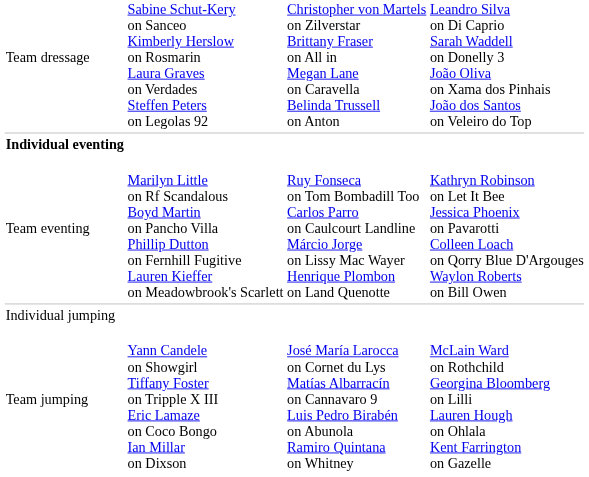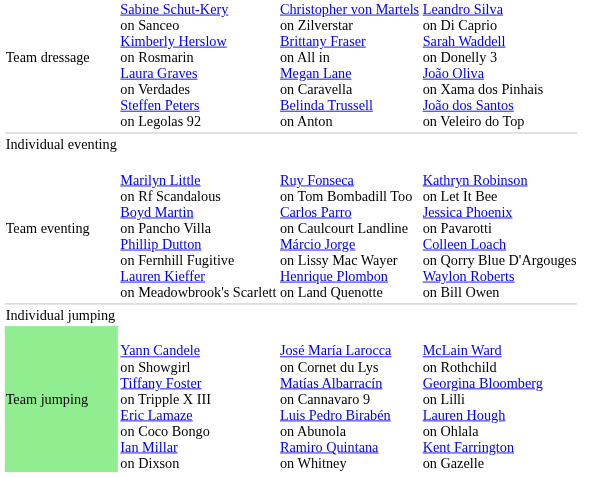 <table>
 <tr>
 <td><br></td>
 <td></td>
 <td></td>
 <td></td>
 </tr>
 <tr>
 <td>Team dressage<br></td>
 <td><br><a href='#'>Sabine Schut-Kery</a> <br> on Sanceo<br><a href='#'>Kimberly Herslow</a> <br> on Rosmarin<br><a href='#'>Laura Graves</a> <br> on Verdades<br><a href='#'>Steffen Peters</a> <br> on Legolas 92</td>
 <td><br><a href='#'>Christopher von Martels</a> <br> on Zilverstar<br><a href='#'>Brittany Fraser</a> <br> on All in<br><a href='#'>Megan Lane</a> <br>on Caravella<br><a href='#'>Belinda Trussell</a> <br> on Anton</td>
 <td><br><a href='#'>Leandro Silva</a> <br> on Di Caprio<br><a href='#'>Sarah Waddell</a> <br> on Donelly 3<br><a href='#'>João Oliva</a> <br> on Xama dos Pinhais<br><a href='#'>João dos Santos</a> <br> on Veleiro do Top</td>
 </tr>
 <tr bgcolor=#DDDDDD>
 <td colspan=7></td>
 </tr>
 <tr>
-<td><strong>Individual eventing<br></strong></td>
+<td>Individual eventing<br></td>
 <td></td>
 <td></td>
 <td></td>
 </tr>
 <tr>
 <td>Team eventing<br></td>
 <td><br><a href='#'>Marilyn Little</a> <br> on Rf Scandalous<br><a href='#'>Boyd Martin</a> <br> on Pancho Villa<br><a href='#'>Phillip Dutton</a> <br> on Fernhill Fugitive<br><a href='#'>Lauren Kieffer</a> <br> on Meadowbrook's Scarlett</td>
 <td><br><a href='#'>Ruy Fonseca</a> <br> on Tom Bombadill Too<br><a href='#'>Carlos Parro</a> <br> on Caulcourt Landline<br><a href='#'>Márcio Jorge</a> <br> on Lissy Mac Wayer<br><a href='#'>Henrique Plombon</a> <br> on Land Quenotte</td>
 <td><br><a href='#'>Kathryn Robinson</a> <br> on Let It Bee<br><a href='#'>Jessica Phoenix</a> <br> on Pavarotti<br><a href='#'>Colleen Loach</a> <br> on Qorry Blue D'Argouges<br><a href='#'>Waylon Roberts</a> <br> on Bill Owen</td>
 </tr>
 <tr bgcolor=#DDDDDD>
 <td colspan=7></td>
 </tr>
 <tr>
 <td>Individual jumping<br></td>
 <td></td>
 <td></td>
 <td></td>
 </tr>
 <tr>
-<td>Team jumping<br></td>
+<td style="background: lightgreen;">Team jumping<br></td>
 <td><br><a href='#'>Yann Candele</a> <br> on Showgirl<br><a href='#'>Tiffany Foster</a> <br> on Tripple X III<br><a href='#'>Eric Lamaze</a> <br> on Coco Bongo<br><a href='#'>Ian Millar</a> <br> on Dixson</td>
 <td><br><a href='#'>José María Larocca</a> <br> on Cornet du Lys<br><a href='#'>Matías Albarracín</a> <br> on Cannavaro 9<br><a href='#'>Luis Pedro Birabén</a> <br> on Abunola<br><a href='#'>Ramiro Quintana</a> <br> on Whitney</td>
 <td><br><a href='#'>McLain Ward</a> <br> on Rothchild<br><a href='#'>Georgina Bloomberg</a> <br> on Lilli<br><a href='#'>Lauren Hough</a> <br> on Ohlala<br><a href='#'>Kent Farrington</a> <br> on Gazelle</td>
 </tr>
 </table>
